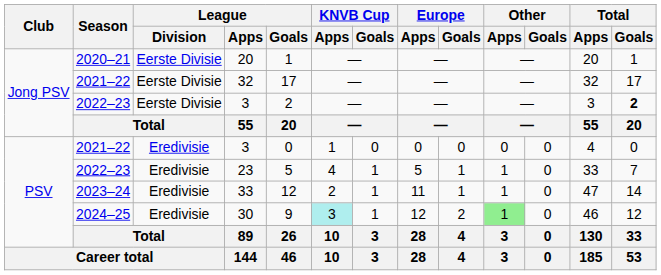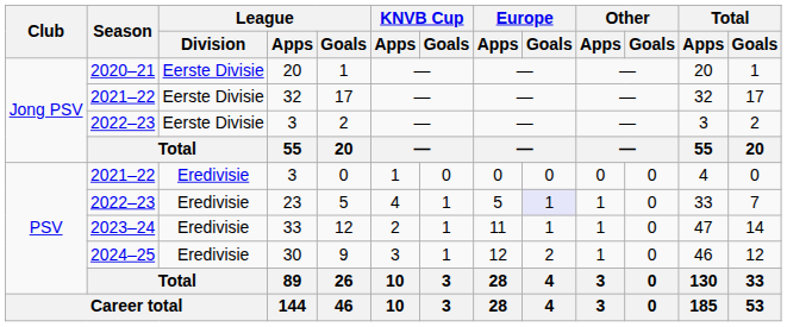 <table class="wikitable" style="text-align: center;">
 <tr>
 <th rowspan="2">Club</th>
 <th rowspan="2">Season</th>
 <th colspan="3">League</th>
 <th colspan="2"><a href='#'>KNVB Cup</a></th>
 <th colspan="2"><a href='#'>Europe</a></th>
 <th colspan="2">Other</th>
 <th colspan="2">Total</th>
 </tr>
 <tr>
 <th>Division</th>
 <th>Apps</th>
 <th>Goals</th>
 <th>Apps</th>
 <th>Goals</th>
 <th>Apps</th>
 <th>Goals</th>
 <th>Apps</th>
 <th>Goals</th>
 <th>Apps</th>
 <th>Goals</th>
 </tr>
 <tr>
 <td rowspan="4"><a href='#'>Jong PSV</a></td>
 <td><a href='#'>2020–21</a></td>
 <td><a href='#'>Eerste Divisie</a></td>
 <td>20</td>
 <td>1</td>
 <td colspan="2">—</td>
 <td colspan="2">—</td>
 <td colspan="2">—</td>
 <td>20</td>
 <td>1</td>
 </tr>
 <tr>
 <td><a href='#'>2021–22</a></td>
 <td>Eerste Divisie</td>
 <td>32</td>
 <td>17</td>
 <td colspan="2">—</td>
 <td colspan="2">—</td>
 <td colspan="2">—</td>
 <td>32</td>
 <td>17</td>
 </tr>
 <tr>
 <td><a href='#'>2022–23</a></td>
 <td>Eerste Divisie</td>
 <td>3</td>
 <td>2</td>
 <td colspan="2">—</td>
 <td colspan="2">—</td>
 <td colspan="2">—</td>
 <td>3</td>
-<td><strong>2</strong></td>
+<td>2</td>
 </tr>
 <tr>
 <th colspan="2">Total</th>
 <th>55</th>
 <th>20</th>
 <th colspan="2">—</th>
 <th colspan="2">—</th>
 <th colspan="2">—</th>
 <th>55</th>
 <th>20</th>
 </tr>
 <tr>
 <td rowspan="5"><a href='#'>PSV</a></td>
 <td><a href='#'>2021–22</a></td>
 <td><a href='#'>Eredivisie</a></td>
 <td>3</td>
 <td>0</td>
 <td>1</td>
 <td>0</td>
 <td>0</td>
 <td>0</td>
 <td>0</td>
 <td>0</td>
 <td>4</td>
 <td>0</td>
 </tr>
 <tr>
 <td><a href='#'>2022–23</a></td>
 <td>Eredivisie</td>
 <td>23</td>
 <td>5</td>
 <td>4</td>
 <td>1</td>
 <td>5</td>
-<td>1</td>
+<td style="background: lavender;">1</td>
 <td>1</td>
 <td>0</td>
 <td>33</td>
 <td>7</td>
 </tr>
 <tr>
 <td><a href='#'>2023–24</a></td>
 <td>Eredivisie</td>
 <td>33</td>
 <td>12</td>
 <td>2</td>
 <td>1</td>
 <td>11</td>
 <td>1</td>
 <td>1</td>
 <td>0</td>
 <td>47</td>
 <td>14</td>
 </tr>
 <tr>
 <td><a href='#'>2024–25</a></td>
 <td>Eredivisie</td>
 <td>30</td>
 <td>9</td>
-<td style="background: paleturquoise;">3</td>
+<td>3</td>
 <td>1</td>
 <td>12</td>
 <td>2</td>
-<td style="background: lightgreen;">1</td>
+<td>1</td>
 <td>0</td>
 <td>46</td>
 <td>12</td>
 </tr>
 <tr>
 <th colspan="2">Total</th>
 <th>89</th>
 <th>26</th>
 <th>10</th>
 <th>3</th>
 <th>28</th>
 <th>4</th>
 <th>3</th>
 <th>0</th>
 <th>130</th>
 <th>33</th>
 </tr>
 <tr>
 <th colspan="3">Career total</th>
 <th>144</th>
 <th>46</th>
 <th>10</th>
 <th>3</th>
 <th>28</th>
 <th>4</th>
 <th>3</th>
 <th>0</th>
 <th>185</th>
 <th>53</th>
 </tr>
 </table>
